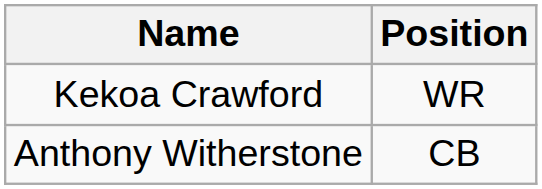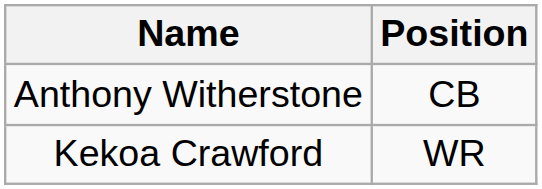 <table class="wikitable" style="text-align:center">
 <tr>
 <th>Name</th>
 <th>Position</th>
 </tr>
 <tr>
+<td>Anthony Witherstone</td>
+<td>CB</td>
+</tr>
+<tr>
 <td>Kekoa Crawford</td>
 <td>WR</td>
 </tr>
-<tr>
-<td>Anthony Witherstone</td>
-<td>CB</td>
-</tr>
 </table>
